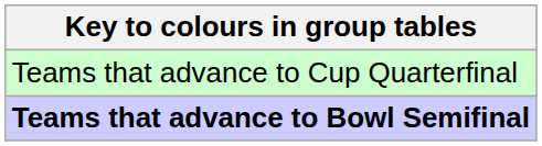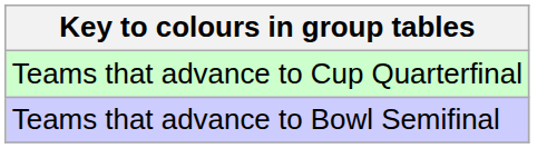 <table class="wikitable" style="text-align: center;">
 <tr>
 <th colspan=2>Key to colours in group tables</th>
 </tr>
 <tr bgcolor=ccffcc>
 <td align=left>Teams that advance to Cup Quarterfinal</td>
 </tr>
 <tr bgcolor=ccccff>
-<td align=left><strong>Teams that advance to Bowl Semifinal</strong></td>
+<td align=left>Teams that advance to Bowl Semifinal</td>
 </tr>
 </table>
